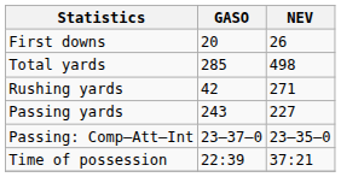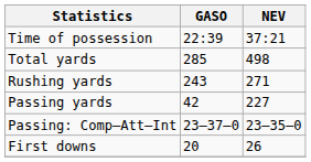 <table class="wikitable" style="float: left;">
 <tr>
 <th>Statistics</th>
 <th>GASO</th>
 <th>NEV</th>
 </tr>
 <tr>
-<td>First downs</td>
-<td>20</td>
-<td>26</td>
+<td>Time of possession</td>
+<td>22:39</td>
+<td>37:21</td>
 </tr>
 <tr>
 <td>Total yards</td>
 <td>285</td>
 <td>498</td>
 </tr>
 <tr>
 <td>Rushing yards</td>
-<td>42</td>
+<td>243</td>
 <td>271</td>
 </tr>
 <tr>
 <td>Passing yards</td>
-<td>243</td>
+<td>42</td>
 <td>227</td>
 </tr>
 <tr>
 <td>Passing: Comp–Att–Int</td>
 <td>23–37–0</td>
 <td>23–35–0</td>
 </tr>
 <tr>
-<td>Time of possession</td>
-<td>22:39</td>
-<td>37:21</td>
+<td>First downs</td>
+<td>20</td>
+<td>26</td>
 </tr>
 <tr>
 </tr>
 </table>
